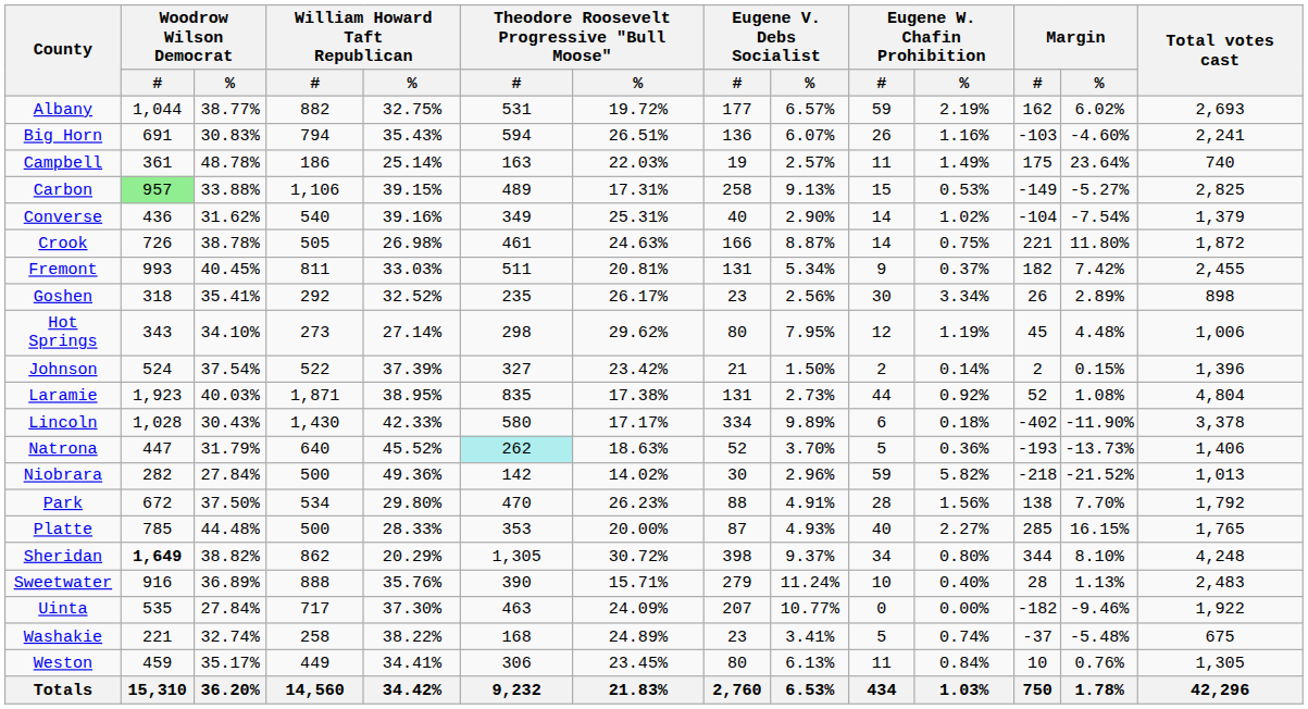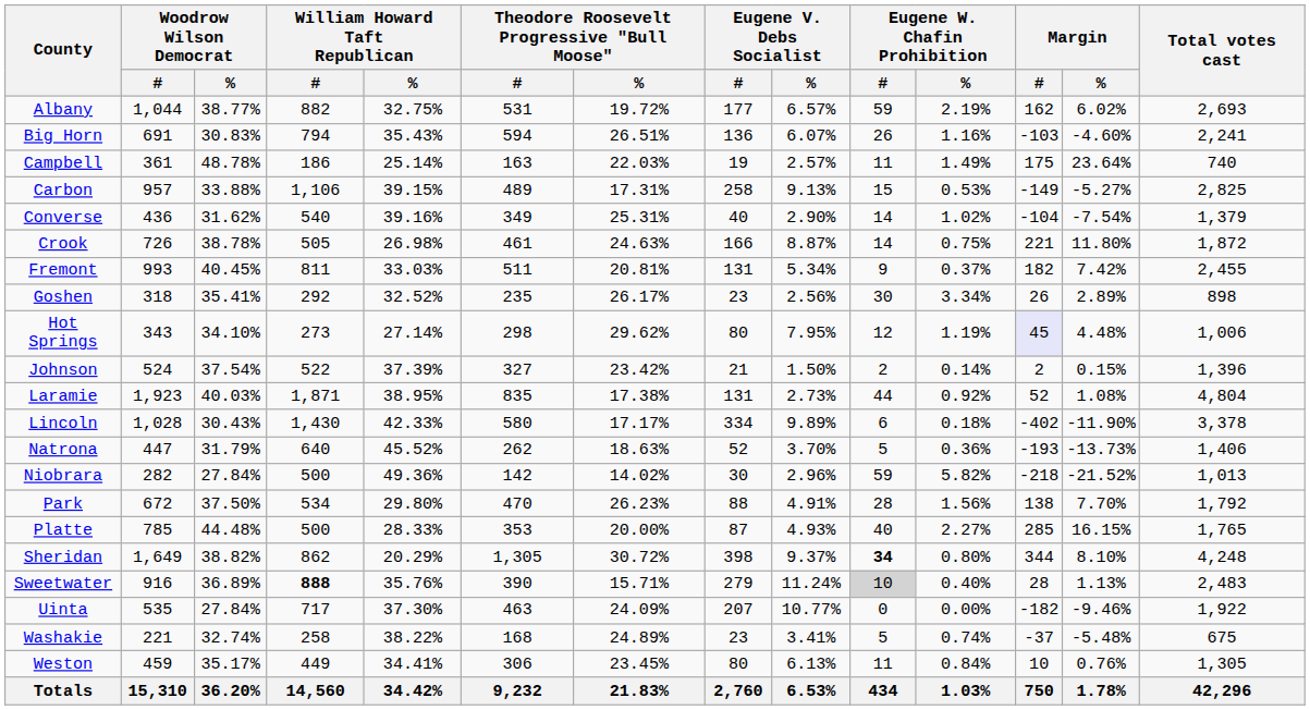 <table width="65%" class="wikitable sortable">
 <tr>
 <th style="text-align:center;" rowspan="2">County</th>
 <th style="text-align:center;" colspan="2">Woodrow Wilson<br>Democrat</th>
 <th style="text-align:center;" colspan="2">William Howard Taft<br>Republican</th>
 <th style="text-align:center;" colspan="2">Theodore Roosevelt<br>Progressive "Bull Moose"</th>
 <th style="text-align:center;" colspan="2">Eugene V. Debs<br>Socialist</th>
 <th style="text-align:center;" colspan="2">Eugene W. Chafin<br>Prohibition</th>
 <th style="text-align:center;" colspan="2">Margin</th>
 <th style="text-align:center;" rowspan="2">Total votes cast</th>
 </tr>
 <tr bgcolor="lightgrey">
 <th style="text-align:center;" data-sort-type="number">#</th>
 <th style="text-align:center;" data-sort-type="number">%</th>
 <th style="text-align:center;" data-sort-type="number">#</th>
 <th style="text-align:center;" data-sort-type="number">%</th>
 <th style="text-align:center;" data-sort-type="number">#</th>
 <th style="text-align:center;" data-sort-type="number">%</th>
 <th style="text-align:center;" data-sort-type="number">#</th>
 <th style="text-align:center;" data-sort-type="number">%</th>
 <th style="text-align:center;" data-sort-type="number">#</th>
 <th style="text-align:center;" data-sort-type="number">%</th>
 <th style="text-align:center;" data-sort-type="number">#</th>
 <th style="text-align:center;" data-sort-type="number">%</th>
 </tr>
 <tr style="text-align:center;">
 <td><a href='#'>Albany</a></td>
 <td>1,044</td>
 <td>38.77%</td>
 <td>882</td>
 <td>32.75%</td>
 <td>531</td>
 <td>19.72%</td>
 <td>177</td>
 <td>6.57%</td>
 <td>59</td>
 <td>2.19%</td>
 <td>162</td>
 <td>6.02%</td>
 <td>2,693</td>
 </tr>
 <tr style="text-align:center;">
 <td><a href='#'>Big Horn</a></td>
 <td>691</td>
 <td>30.83%</td>
 <td>794</td>
 <td>35.43%</td>
 <td>594</td>
 <td>26.51%</td>
 <td>136</td>
 <td>6.07%</td>
 <td>26</td>
 <td>1.16%</td>
 <td>-103</td>
 <td>-4.60%</td>
 <td>2,241</td>
 </tr>
 <tr style="text-align:center;">
 <td><a href='#'>Campbell</a></td>
 <td>361</td>
 <td>48.78%</td>
 <td>186</td>
 <td>25.14%</td>
 <td>163</td>
 <td>22.03%</td>
 <td>19</td>
 <td>2.57%</td>
 <td>11</td>
 <td>1.49%</td>
 <td>175</td>
 <td>23.64%</td>
 <td>740</td>
 </tr>
 <tr style="text-align:center;">
 <td><a href='#'>Carbon</a></td>
-<td style="background: lightgreen;">957</td>
+<td>957</td>
 <td>33.88%</td>
 <td>1,106</td>
 <td>39.15%</td>
 <td>489</td>
 <td>17.31%</td>
 <td>258</td>
 <td>9.13%</td>
 <td>15</td>
 <td>0.53%</td>
 <td>-149</td>
 <td>-5.27%</td>
 <td>2,825</td>
 </tr>
 <tr style="text-align:center;">
 <td><a href='#'>Converse</a></td>
 <td>436</td>
 <td>31.62%</td>
 <td>540</td>
 <td>39.16%</td>
 <td>349</td>
 <td>25.31%</td>
 <td>40</td>
 <td>2.90%</td>
 <td>14</td>
 <td>1.02%</td>
 <td>-104</td>
 <td>-7.54%</td>
 <td>1,379</td>
 </tr>
 <tr style="text-align:center;">
 <td><a href='#'>Crook</a></td>
 <td>726</td>
 <td>38.78%</td>
 <td>505</td>
 <td>26.98%</td>
 <td>461</td>
 <td>24.63%</td>
 <td>166</td>
 <td>8.87%</td>
 <td>14</td>
 <td>0.75%</td>
 <td>221</td>
 <td>11.80%</td>
 <td>1,872</td>
 </tr>
 <tr style="text-align:center;">
 <td><a href='#'>Fremont</a></td>
 <td>993</td>
 <td>40.45%</td>
 <td>811</td>
 <td>33.03%</td>
 <td>511</td>
 <td>20.81%</td>
 <td>131</td>
 <td>5.34%</td>
 <td>9</td>
 <td>0.37%</td>
 <td>182</td>
 <td>7.42%</td>
 <td>2,455</td>
 </tr>
 <tr style="text-align:center;">
 <td><a href='#'>Goshen</a></td>
 <td>318</td>
 <td>35.41%</td>
 <td>292</td>
 <td>32.52%</td>
 <td>235</td>
 <td>26.17%</td>
 <td>23</td>
 <td>2.56%</td>
 <td>30</td>
 <td>3.34%</td>
 <td>26</td>
 <td>2.89%</td>
 <td>898</td>
 </tr>
 <tr style="text-align:center;">
 <td><a href='#'>Hot Springs</a></td>
 <td>343</td>
 <td>34.10%</td>
 <td>273</td>
 <td>27.14%</td>
 <td>298</td>
 <td>29.62%</td>
 <td>80</td>
 <td>7.95%</td>
 <td>12</td>
 <td>1.19%</td>
-<td>45</td>
+<td style="background: lavender;">45</td>
 <td>4.48%</td>
 <td>1,006</td>
 </tr>
 <tr style="text-align:center;">
 <td><a href='#'>Johnson</a></td>
 <td>524</td>
 <td>37.54%</td>
 <td>522</td>
 <td>37.39%</td>
 <td>327</td>
 <td>23.42%</td>
 <td>21</td>
 <td>1.50%</td>
 <td>2</td>
 <td>0.14%</td>
 <td>2</td>
 <td>0.15%</td>
 <td>1,396</td>
 </tr>
 <tr style="text-align:center;">
 <td><a href='#'>Laramie</a></td>
 <td>1,923</td>
 <td>40.03%</td>
 <td>1,871</td>
 <td>38.95%</td>
 <td>835</td>
 <td>17.38%</td>
 <td>131</td>
 <td>2.73%</td>
 <td>44</td>
 <td>0.92%</td>
 <td>52</td>
 <td>1.08%</td>
 <td>4,804</td>
 </tr>
 <tr style="text-align:center;">
 <td><a href='#'>Lincoln</a></td>
 <td>1,028</td>
 <td>30.43%</td>
 <td>1,430</td>
 <td>42.33%</td>
 <td>580</td>
 <td>17.17%</td>
 <td>334</td>
 <td>9.89%</td>
 <td>6</td>
 <td>0.18%</td>
 <td>-402</td>
 <td>-11.90%</td>
 <td>3,378</td>
 </tr>
 <tr style="text-align:center;">
 <td><a href='#'>Natrona</a></td>
 <td>447</td>
 <td>31.79%</td>
 <td>640</td>
 <td>45.52%</td>
-<td style="background: paleturquoise;">262</td>
+<td>262</td>
 <td>18.63%</td>
 <td>52</td>
 <td>3.70%</td>
 <td>5</td>
 <td>0.36%</td>
 <td>-193</td>
 <td>-13.73%</td>
 <td>1,406</td>
 </tr>
 <tr style="text-align:center;">
 <td><a href='#'>Niobrara</a></td>
 <td>282</td>
 <td>27.84%</td>
 <td>500</td>
 <td>49.36%</td>
 <td>142</td>
 <td>14.02%</td>
 <td>30</td>
 <td>2.96%</td>
 <td>59</td>
 <td>5.82%</td>
 <td>-218</td>
 <td>-21.52%</td>
 <td>1,013</td>
 </tr>
 <tr style="text-align:center;">
 <td><a href='#'>Park</a></td>
 <td>672</td>
 <td>37.50%</td>
 <td>534</td>
 <td>29.80%</td>
 <td>470</td>
 <td>26.23%</td>
 <td>88</td>
 <td>4.91%</td>
 <td>28</td>
 <td>1.56%</td>
 <td>138</td>
 <td>7.70%</td>
 <td>1,792</td>
 </tr>
 <tr style="text-align:center;">
 <td><a href='#'>Platte</a></td>
 <td>785</td>
 <td>44.48%</td>
 <td>500</td>
 <td>28.33%</td>
 <td>353</td>
 <td>20.00%</td>
 <td>87</td>
 <td>4.93%</td>
 <td>40</td>
 <td>2.27%</td>
 <td>285</td>
 <td>16.15%</td>
 <td>1,765</td>
 </tr>
 <tr style="text-align:center;">
 <td><a href='#'>Sheridan</a></td>
-<td><strong>1,649</strong></td>
+<td>1,649</td>
 <td>38.82%</td>
 <td>862</td>
 <td>20.29%</td>
 <td>1,305</td>
 <td>30.72%</td>
 <td>398</td>
 <td>9.37%</td>
-<td>34</td>
+<td><strong>34</strong></td>
 <td>0.80%</td>
 <td>344</td>
 <td>8.10%</td>
 <td>4,248</td>
 </tr>
 <tr style="text-align:center;">
 <td><a href='#'>Sweetwater</a></td>
 <td>916</td>
 <td>36.89%</td>
-<td>888</td>
+<td><strong>888</strong></td>
 <td>35.76%</td>
 <td>390</td>
 <td>15.71%</td>
 <td>279</td>
 <td>11.24%</td>
-<td>10</td>
+<td style="background: lightgrey;">10</td>
 <td>0.40%</td>
 <td>28</td>
 <td>1.13%</td>
 <td>2,483</td>
 </tr>
 <tr style="text-align:center;">
 <td><a href='#'>Uinta</a></td>
 <td>535</td>
 <td>27.84%</td>
 <td>717</td>
 <td>37.30%</td>
 <td>463</td>
 <td>24.09%</td>
 <td>207</td>
 <td>10.77%</td>
 <td>0</td>
 <td>0.00%</td>
 <td>-182</td>
 <td>-9.46%</td>
 <td>1,922</td>
 </tr>
 <tr style="text-align:center;">
 <td><a href='#'>Washakie</a></td>
 <td>221</td>
 <td>32.74%</td>
 <td>258</td>
 <td>38.22%</td>
 <td>168</td>
 <td>24.89%</td>
 <td>23</td>
 <td>3.41%</td>
 <td>5</td>
 <td>0.74%</td>
 <td>-37</td>
 <td>-5.48%</td>
 <td>675</td>
 </tr>
 <tr style="text-align:center;">
 <td><a href='#'>Weston</a></td>
 <td>459</td>
 <td>35.17%</td>
 <td>449</td>
 <td>34.41%</td>
 <td>306</td>
 <td>23.45%</td>
 <td>80</td>
 <td>6.13%</td>
 <td>11</td>
 <td>0.84%</td>
 <td>10</td>
 <td>0.76%</td>
 <td>1,305</td>
 </tr>
 <tr style="text-align:center;">
 <th>Totals</th>
 <th>15,310</th>
 <th>36.20%</th>
 <th>14,560</th>
 <th>34.42%</th>
 <th>9,232</th>
 <th>21.83%</th>
 <th>2,760</th>
 <th>6.53%</th>
 <th>434</th>
 <th>1.03%</th>
 <th>750</th>
 <th>1.78%</th>
 <th>42,296</th>
 </tr>
 </table>
